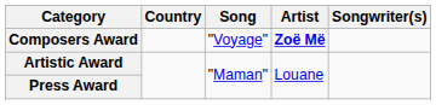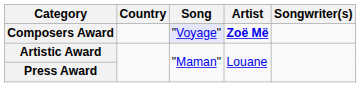 <table class="wikitable plainrowheaders">
 <tr>
 <th scope="col">Category</th>
 <th scope="col">Country</th>
 <th scope="col">Song</th>
 <th scope="col">Artist</th>
 <th scope="col">Songwriter(s)</th>
 </tr>
 <tr>
 <th scope="row">Composers Award</th>
 <td></td>
-<td>"<a href='#'>Voyage</a>"</td>
+<td style="background: lavender;">"<a href='#'>Voyage</a>"</td>
 <td><strong><a href='#'>Zoë Më</a></strong></td>
 <td></td>
 </tr>
 <tr>
 <th scope="row">Artistic Award</th>
 <td rowspan="2"></td>
 <td rowspan="2">"<a href='#'>Maman</a>"</td>
 <td rowspan="2"><a href='#'>Louane</a></td>
 <td rowspan="2"></td>
 </tr>
 <tr>
 <th scope="row">Press Award</th>
 </tr>
 </table>
